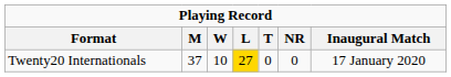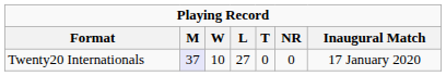 <table class="wikitable" style="text-align: center; width: 500px;">
 <tr>
 <td colspan=7 align="center"><strong>Playing Record</strong></td>
 </tr>
 <tr>
 <th>Format</th>
 <th>M</th>
 <th>W</th>
 <th>L</th>
 <th>T</th>
 <th>NR</th>
 <th>Inaugural Match</th>
 </tr>
 <tr>
 <td align="left">Twenty20 Internationals</td>
-<td>37</td>
+<td style="background: lavender;">37</td>
 <td>10</td>
-<td style="background: gold;">27</td>
+<td>27</td>
 <td>0</td>
 <td>0</td>
 <td>17 January 2020</td>
 </tr>
 </table>
